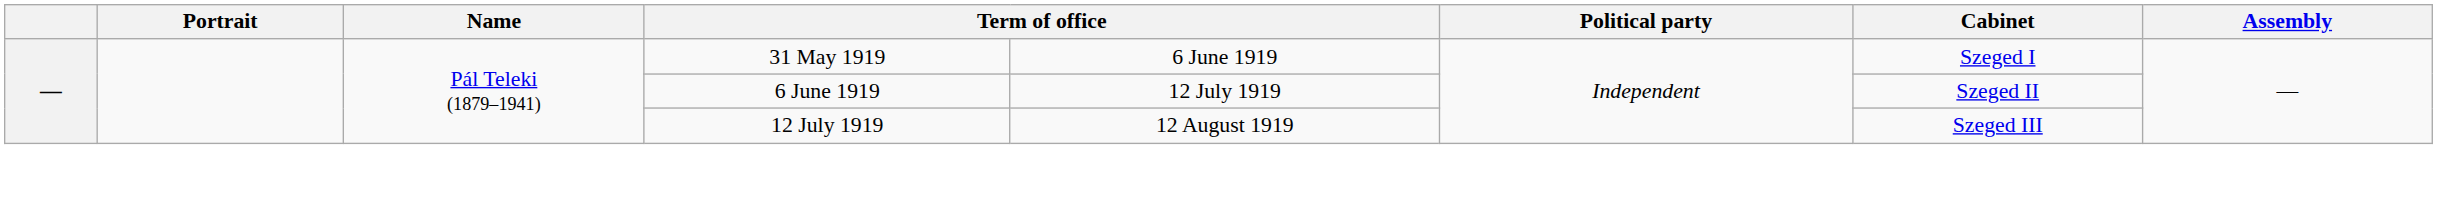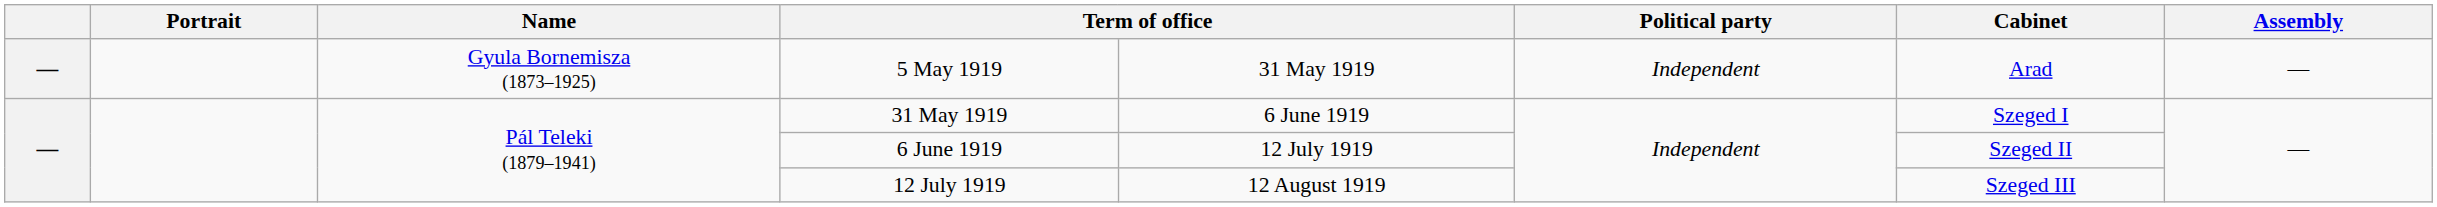 <table class="wikitable" style="width:90%; text-align:center;">
 <tr>
 <th></th>
 <th>Portrait</th>
 <th>Name<br></th>
 <th colspan=2>Term of office</th>
 <th>Political party</th>
 <th>Cabinet</th>
 <th><a href='#'>Assembly</a><br></th>
+</tr>
+<tr>
+<th style="background:">—</th>
+<td></td>
+<td><a href='#'>Gyula Bornemisza</a><br><small>(1873–1925)</small></td>
+<td>5 May 1919</td>
+<td>31 May 1919</td>
+<td><em>Independent</em></td>
+<td><a href='#'>Arad</a></td>
+<td>—</td>
 </tr>
 <tr>
 <th rowspan="3" style="background:">—</th>
 <td rowspan="3"></td>
 <td rowspan="3"><a href='#'>Pál Teleki</a><br><small>(1879–1941)</small></td>
 <td>31 May 1919</td>
 <td>6 June 1919</td>
 <td rowspan="3"><em>Independent</em></td>
 <td><a href='#'>Szeged I</a></td>
 <td rowspan="3">—</td>
 </tr>
 <tr>
 <td>6 June 1919</td>
 <td>12 July 1919</td>
 <td><a href='#'>Szeged II</a></td>
 </tr>
 <tr>
 <td>12 July 1919</td>
 <td>12 August 1919</td>
 <td><a href='#'>Szeged III</a></td>
 </tr>
 </table>
